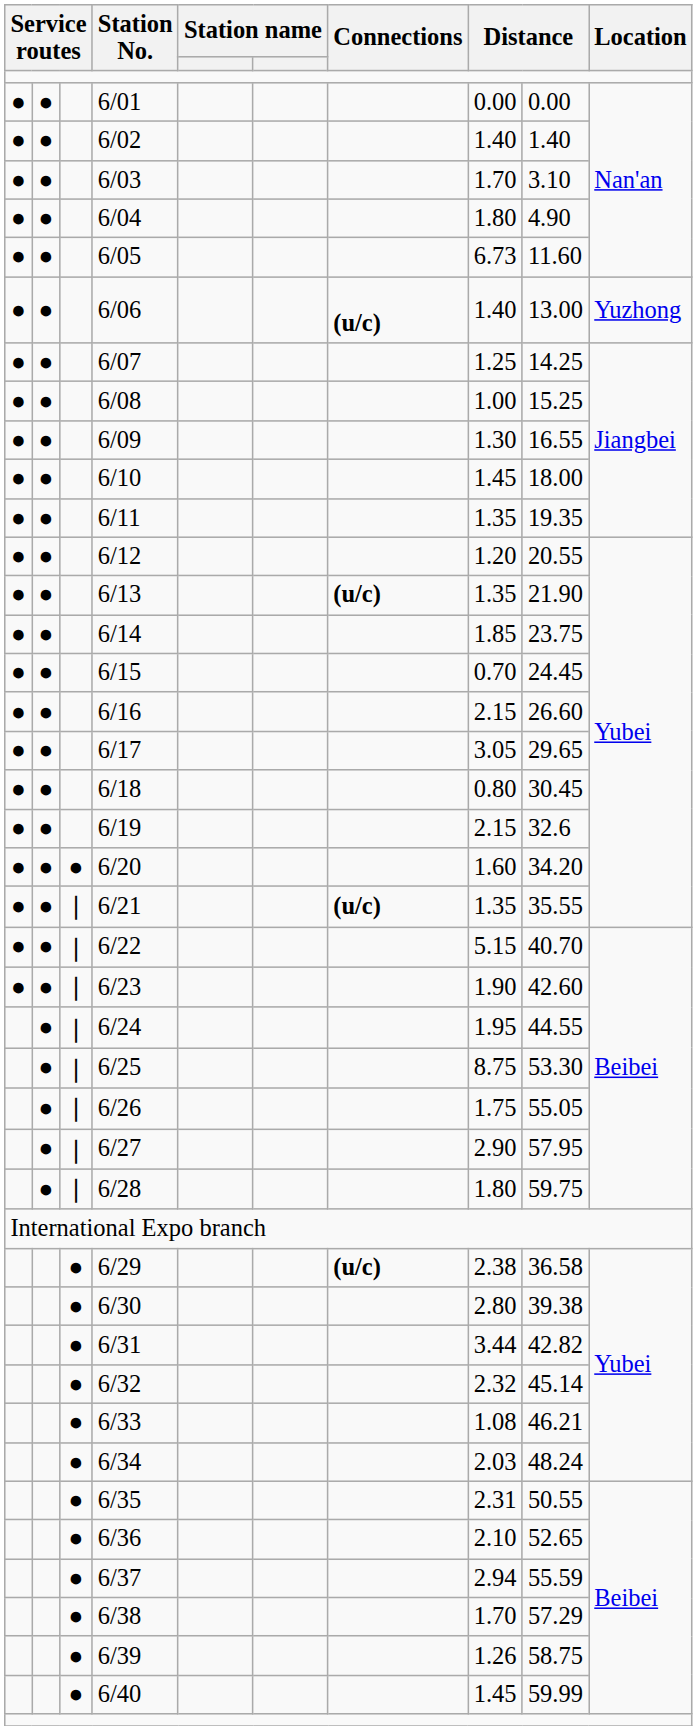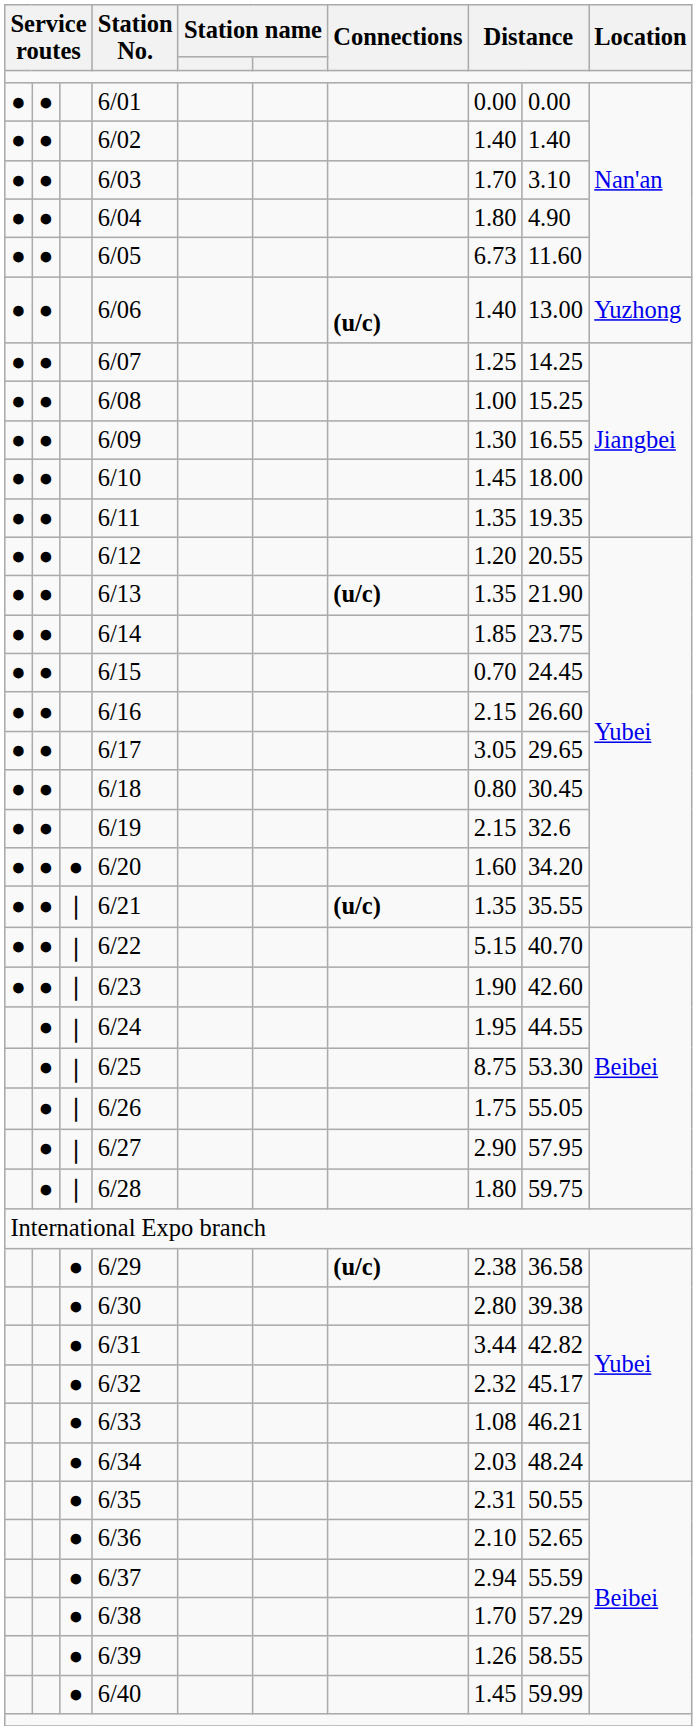 <table class="wikitable">
 <tr>
 <th rowspan="2" colspan="3">Service<br>routes</th>
 <th rowspan="2">Station<br>No.</th>
 <th colspan="2">Station name</th>
 <th rowspan="2">Connections</th>
 <th colspan="2" rowspan="2">Distance<br></th>
 <th rowspan="2">Location</th>
 </tr>
 <tr>
 <th></th>
 <th></th>
 </tr>
 <tr style="background:#">
 <td colspan="10"></td>
 </tr>
 <tr>
 <td align="center">●</td>
 <td align="center">●</td>
 <td align="center"></td>
 <td>6/01</td>
 <td></td>
 <td></td>
 <td></td>
 <td>0.00</td>
 <td>0.00</td>
 <td rowspan="5"><a href='#'>Nan'an</a></td>
 </tr>
 <tr>
 <td align="center">●</td>
 <td align="center">●</td>
 <td align="center"></td>
 <td>6/02</td>
 <td></td>
 <td></td>
 <td></td>
 <td>1.40</td>
 <td>1.40</td>
 </tr>
 <tr>
 <td align="center">●</td>
 <td align="center">●</td>
 <td align="center"></td>
 <td>6/03</td>
 <td></td>
 <td></td>
 <td></td>
 <td>1.70</td>
 <td>3.10</td>
 </tr>
 <tr>
 <td align="center">●</td>
 <td align="center">●</td>
 <td align="center"></td>
 <td>6/04</td>
 <td></td>
 <td></td>
 <td></td>
 <td>1.80</td>
 <td>4.90</td>
 </tr>
 <tr>
 <td align="center">●</td>
 <td align="center">●</td>
 <td align="center"></td>
 <td>6/05</td>
 <td></td>
 <td></td>
 <td></td>
 <td>6.73</td>
 <td>11.60</td>
 </tr>
 <tr>
 <td align="center">●</td>
 <td align="center">●</td>
 <td align="center"></td>
 <td>6/06</td>
 <td></td>
 <td></td>
 <td><br> <strong>(u/c)</strong></td>
 <td>1.40</td>
 <td>13.00</td>
 <td><a href='#'>Yuzhong</a></td>
 </tr>
 <tr>
 <td align="center">●</td>
 <td align="center">●</td>
 <td align="center"></td>
 <td>6/07</td>
 <td></td>
 <td></td>
 <td></td>
 <td>1.25</td>
 <td>14.25</td>
 <td rowspan="5"><a href='#'>Jiangbei</a></td>
 </tr>
 <tr>
 <td align="center">●</td>
 <td align="center">●</td>
 <td align="center"></td>
 <td>6/08</td>
 <td></td>
 <td></td>
 <td></td>
 <td>1.00</td>
 <td>15.25</td>
 </tr>
 <tr>
 <td align="center">●</td>
 <td align="center">●</td>
 <td align="center"></td>
 <td>6/09</td>
 <td></td>
 <td></td>
 <td> </td>
 <td>1.30</td>
 <td>16.55</td>
 </tr>
 <tr>
 <td align="center">●</td>
 <td align="center">●</td>
 <td align="center"></td>
 <td>6/10</td>
 <td></td>
 <td></td>
 <td></td>
 <td>1.45</td>
 <td>18.00</td>
 </tr>
 <tr>
 <td align="center">●</td>
 <td align="center">●</td>
 <td align="center"></td>
 <td>6/11</td>
 <td></td>
 <td></td>
 <td></td>
 <td>1.35</td>
 <td>19.35</td>
 </tr>
 <tr>
 <td align="center">●</td>
 <td align="center">●</td>
 <td align="center"></td>
 <td>6/12</td>
 <td></td>
 <td></td>
 <td></td>
 <td>1.20</td>
 <td>20.55</td>
 <td rowspan="10"><a href='#'>Yubei</a></td>
 </tr>
 <tr>
 <td align="center">●</td>
 <td align="center">●</td>
 <td align="center"></td>
 <td>6/13</td>
 <td></td>
 <td></td>
 <td> <strong>(u/c)</strong></td>
 <td>1.35</td>
 <td>21.90</td>
 </tr>
 <tr>
 <td align="center">●</td>
 <td align="center">●</td>
 <td align="center"></td>
 <td>6/14</td>
 <td></td>
 <td></td>
 <td></td>
 <td>1.85</td>
 <td>23.75</td>
 </tr>
 <tr>
 <td align="center">●</td>
 <td align="center">●</td>
 <td align="center"></td>
 <td>6/15</td>
 <td></td>
 <td></td>
 <td> </td>
 <td>0.70</td>
 <td>24.45</td>
 </tr>
 <tr>
 <td align="center">●</td>
 <td align="center">●</td>
 <td align="center"></td>
 <td>6/16</td>
 <td></td>
 <td></td>
 <td></td>
 <td>2.15</td>
 <td>26.60</td>
 </tr>
 <tr>
 <td align="center">●</td>
 <td align="center">●</td>
 <td align="center"></td>
 <td>6/17</td>
 <td></td>
 <td></td>
 <td></td>
 <td>3.05</td>
 <td>29.65</td>
 </tr>
 <tr>
 <td align="center">●</td>
 <td align="center">●</td>
 <td align="center"></td>
 <td>6/18</td>
 <td></td>
 <td></td>
 <td></td>
 <td>0.80</td>
 <td>30.45</td>
 </tr>
 <tr>
 <td align="center">●</td>
 <td align="center">●</td>
 <td align="center"></td>
 <td>6/19</td>
 <td></td>
 <td></td>
 <td></td>
 <td>2.15</td>
 <td>32.6</td>
 </tr>
 <tr>
 <td align="center">●</td>
 <td align="center">●</td>
 <td align="center">●</td>
 <td>6/20</td>
 <td></td>
 <td></td>
 <td></td>
 <td>1.60</td>
 <td>34.20</td>
 </tr>
 <tr>
 <td align="center">●</td>
 <td align="center">●</td>
 <td align="center">❘</td>
 <td>6/21</td>
 <td></td>
 <td></td>
 <td> <strong>(u/c)</strong></td>
 <td>1.35</td>
 <td>35.55</td>
 </tr>
 <tr>
 <td align="center">●</td>
 <td align="center">●</td>
 <td align="center">❘</td>
 <td>6/22</td>
 <td></td>
 <td></td>
 <td></td>
 <td>5.15</td>
 <td>40.70</td>
 <td rowspan="7"><a href='#'>Beibei</a></td>
 </tr>
 <tr>
 <td align="center">●</td>
 <td align="center">●</td>
 <td align="center">❘</td>
 <td>6/23</td>
 <td></td>
 <td></td>
 <td></td>
 <td>1.90</td>
 <td>42.60</td>
 </tr>
 <tr>
 <td align="center"></td>
 <td align="center">●</td>
 <td align="center">❘</td>
 <td>6/24</td>
 <td></td>
 <td></td>
 <td></td>
 <td>1.95</td>
 <td>44.55</td>
 </tr>
 <tr>
 <td align="center"></td>
 <td align="center">●</td>
 <td align="center">❘</td>
 <td>6/25</td>
 <td></td>
 <td></td>
 <td></td>
 <td>8.75</td>
 <td>53.30</td>
 </tr>
 <tr>
 <td align="center"></td>
 <td align="center">●</td>
 <td align="center">❘</td>
 <td>6/26</td>
 <td></td>
 <td></td>
 <td></td>
 <td>1.75</td>
 <td>55.05</td>
 </tr>
 <tr>
 <td align="center"></td>
 <td align="center">●</td>
 <td align="center">❘</td>
 <td>6/27</td>
 <td></td>
 <td></td>
 <td></td>
 <td>2.90</td>
 <td>57.95</td>
 </tr>
 <tr>
 <td align="center"></td>
 <td align="center">●</td>
 <td align="center">❘</td>
 <td>6/28</td>
 <td></td>
 <td></td>
 <td></td>
 <td>1.80</td>
 <td>59.75</td>
 </tr>
 <tr style="background-color:#">
 <td colspan="10"> International Expo branch</td>
 </tr>
 <tr>
 <td align="center"></td>
 <td align="center"></td>
 <td align="center">●</td>
 <td>6/29</td>
 <td></td>
 <td></td>
 <td> <strong>(u/c)</strong></td>
 <td>2.38</td>
 <td>36.58</td>
 <td rowspan="6"><a href='#'>Yubei</a></td>
 </tr>
 <tr>
 <td align="center"></td>
 <td align="center"></td>
 <td align="center">●</td>
 <td>6/30</td>
 <td></td>
 <td></td>
 <td></td>
 <td>2.80</td>
 <td>39.38</td>
 </tr>
 <tr>
 <td align="center"></td>
 <td align="center"></td>
 <td align="center">●</td>
 <td>6/31</td>
 <td></td>
 <td></td>
 <td></td>
 <td>3.44</td>
 <td>42.82</td>
 </tr>
 <tr>
 <td align="center"></td>
 <td align="center"></td>
 <td align="center">●</td>
 <td>6/32</td>
 <td></td>
 <td></td>
 <td></td>
 <td>2.32</td>
-<td>45.14</td>
+<td>45.17</td>
 </tr>
 <tr>
 <td align="center"></td>
 <td align="center"></td>
 <td align="center">●</td>
 <td>6/33</td>
 <td></td>
 <td></td>
 <td></td>
 <td>1.08</td>
 <td>46.21</td>
 </tr>
 <tr>
 <td align="center"></td>
 <td align="center"></td>
 <td align="center">●</td>
 <td>6/34</td>
 <td></td>
 <td></td>
 <td></td>
 <td>2.03</td>
 <td>48.24</td>
 </tr>
 <tr>
 <td align="center"></td>
 <td align="center"></td>
 <td align="center">●</td>
 <td>6/35</td>
 <td></td>
 <td></td>
 <td></td>
 <td>2.31</td>
 <td>50.55</td>
 <td rowspan="6"><a href='#'>Beibei</a></td>
 </tr>
 <tr>
 <td align="center"></td>
 <td align="center"></td>
 <td align="center">●</td>
 <td>6/36</td>
 <td></td>
 <td></td>
 <td></td>
 <td>2.10</td>
 <td>52.65</td>
 </tr>
 <tr>
 <td align="center"></td>
 <td align="center"></td>
 <td align="center">●</td>
 <td>6/37</td>
 <td></td>
 <td></td>
 <td></td>
 <td>2.94</td>
 <td>55.59</td>
 </tr>
 <tr>
 <td align="center"></td>
 <td align="center"></td>
 <td align="center">●</td>
 <td>6/38</td>
 <td></td>
 <td></td>
 <td></td>
 <td>1.70</td>
 <td>57.29</td>
 </tr>
 <tr>
 <td align="center"></td>
 <td align="center"></td>
 <td align="center">●</td>
 <td>6/39</td>
 <td></td>
 <td></td>
 <td></td>
 <td>1.26</td>
-<td>58.75</td>
+<td>58.55</td>
 </tr>
 <tr>
 <td align="center"></td>
 <td align="center"></td>
 <td align="center">●</td>
 <td>6/40</td>
 <td></td>
 <td></td>
 <td></td>
 <td>1.45</td>
 <td>59.99</td>
 </tr>
 <tr style="background:#">
 <td colspan="10"></td>
 </tr>
 </table>
